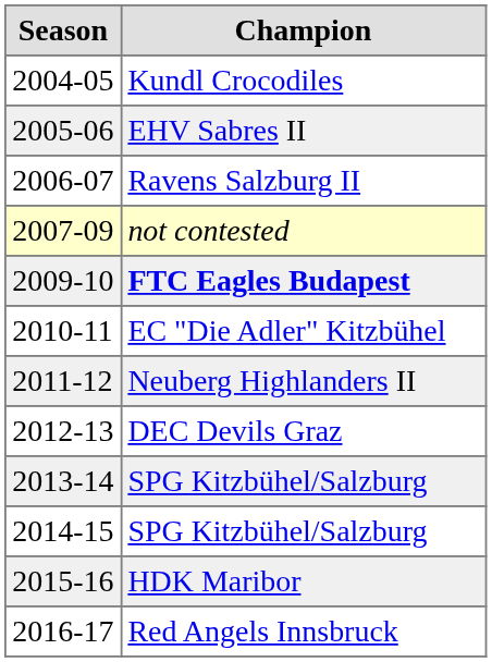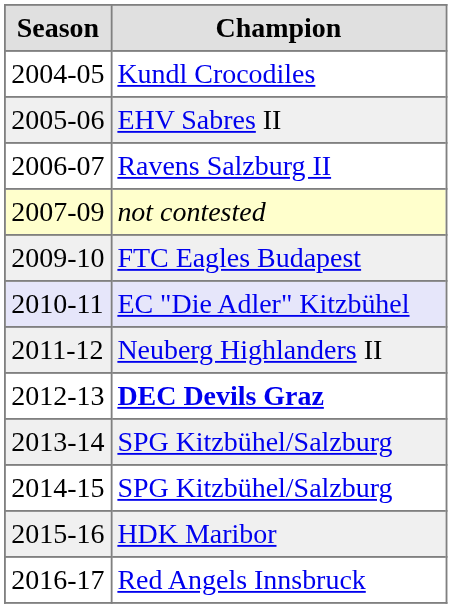 <table cellpadding="3" cellspacing="0" border="1" style="font-size: 95%; text-align: left; border: gray solid 1px; border-collapse: collapse;">
 <tr bgcolor="#e0e0e0" align="center">
 <th scope="col">Season</th>
 <th scope="col" width=175>Champion</th>
 </tr>
 <tr>
 <td>2004-05</td>
 <td><a href='#'>Kundl Crocodiles</a></td>
 </tr>
 <tr bgcolor="#f0f0f0">
 <td>2005-06</td>
 <td><a href='#'>EHV Sabres</a> II</td>
 </tr>
 <tr>
 <td>2006-07</td>
 <td><a href='#'>Ravens Salzburg II</a></td>
 </tr>
 <tr bgcolor="#FFFFCC">
 <td>2007-09</td>
 <td><em>not contested</em></td>
 </tr>
 <tr bgcolor="#f0f0f0">
 <td>2009-10</td>
-<td><strong> <a href='#'>FTC Eagles Budapest</a></strong></td>
+<td> <a href='#'>FTC Eagles Budapest</a></td>
 </tr>
 <tr>
-<td>2010-11</td>
-<td><a href='#'>EC "Die Adler" Kitzbühel</a></td>
+<td style="background: lavender;">2010-11</td>
+<td style="background: lavender;"><a href='#'>EC "Die Adler" Kitzbühel</a></td>
 </tr>
 <tr bgcolor="#f0f0f0">
 <td>2011-12</td>
 <td><a href='#'>Neuberg Highlanders</a> II</td>
 </tr>
 <tr>
 <td>2012-13</td>
-<td><a href='#'>DEC Devils Graz</a></td>
+<td><strong><a href='#'>DEC Devils Graz</a></strong></td>
 </tr>
 <tr bgcolor="#f0f0f0">
 <td>2013-14</td>
 <td><a href='#'>SPG Kitzbühel/Salzburg</a></td>
 </tr>
 <tr>
 <td>2014-15</td>
 <td><a href='#'>SPG Kitzbühel/Salzburg</a></td>
 </tr>
 <tr bgcolor="#f0f0f0">
 <td>2015-16</td>
 <td> <a href='#'>HDK Maribor</a></td>
 </tr>
 <tr>
 <td>2016-17</td>
 <td><a href='#'>Red Angels Innsbruck</a></td>
 </tr>
 </table>
